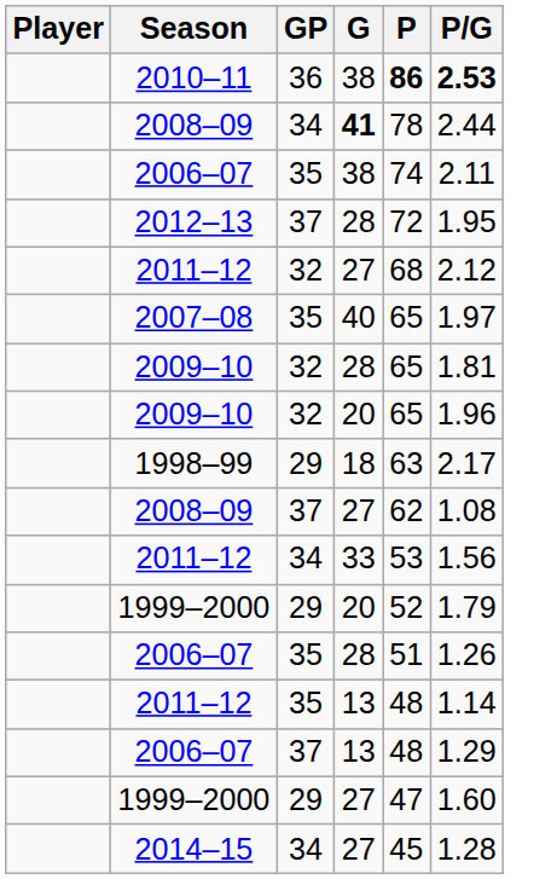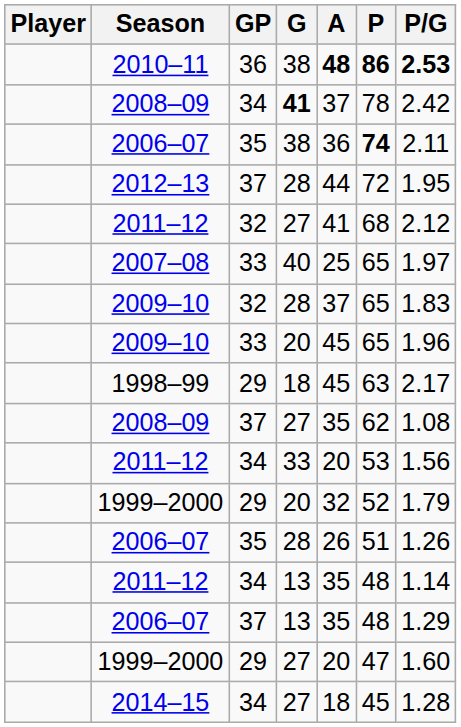 <table class="wikitable sortable" style="text-align:center;">
 <tr>
 <th>Player</th>
 <th>Season</th>
 <th>GP</th>
 <th>G</th>
+<th>A</th>
 <th>P</th>
 <th>P/G</th>
 </tr>
 <tr>
 <td align="left"></td>
 <td><a href='#'>2010–11</a></td>
 <td>36</td>
 <td>38</td>
+<td><strong>48</strong></td>
 <td><strong>86</strong></td>
 <td><strong>2.53</strong></td>
 </tr>
 <tr>
 <td align="left"></td>
 <td><a href='#'>2008–09</a></td>
 <td>34</td>
 <td><strong>41</strong></td>
+<td>37</td>
 <td>78</td>
-<td>2.44</td>
+<td>2.42</td>
 </tr>
 <tr>
 <td align="left"></td>
 <td><a href='#'>2006–07</a></td>
 <td>35</td>
 <td>38</td>
-<td>74</td>
+<td>36</td>
+<td><strong>74</strong></td>
 <td>2.11</td>
 </tr>
 <tr>
 <td align="left"></td>
 <td><a href='#'>2012–13</a></td>
 <td>37</td>
 <td>28</td>
+<td>44</td>
 <td>72</td>
 <td>1.95</td>
 </tr>
 <tr>
 <td align="left"></td>
 <td><a href='#'>2011–12</a></td>
 <td>32</td>
 <td>27</td>
+<td>41</td>
 <td>68</td>
 <td>2.12</td>
 </tr>
 <tr>
 <td align="left"></td>
 <td><a href='#'>2007–08</a></td>
-<td>35</td>
+<td>33</td>
 <td>40</td>
+<td>25</td>
 <td>65</td>
 <td>1.97</td>
 </tr>
 <tr>
 <td align="left"></td>
 <td><a href='#'>2009–10</a></td>
 <td>32</td>
 <td>28</td>
+<td>37</td>
 <td>65</td>
-<td>1.81</td>
+<td>1.83</td>
 </tr>
 <tr>
 <td align="left"></td>
 <td><a href='#'>2009–10</a></td>
-<td>32</td>
+<td>33</td>
 <td>20</td>
+<td>45</td>
 <td>65</td>
 <td>1.96</td>
 </tr>
 <tr>
 <td align="left"></td>
 <td>1998–99</td>
 <td>29</td>
 <td>18</td>
+<td>45</td>
 <td>63</td>
 <td>2.17</td>
 </tr>
 <tr>
 <td align="left"></td>
 <td><a href='#'>2008–09</a></td>
 <td>37</td>
 <td>27</td>
+<td>35</td>
 <td>62</td>
 <td>1.08</td>
 </tr>
 <tr>
 <td align="left"></td>
 <td><a href='#'>2011–12</a></td>
 <td>34</td>
 <td>33</td>
+<td>20</td>
 <td>53</td>
 <td>1.56</td>
 </tr>
 <tr>
 <td align="left"></td>
 <td>1999–2000</td>
 <td>29</td>
 <td>20</td>
+<td>32</td>
 <td>52</td>
 <td>1.79</td>
 </tr>
 <tr>
 <td align="left"></td>
 <td><a href='#'>2006–07</a></td>
 <td>35</td>
 <td>28</td>
+<td>26</td>
 <td>51</td>
 <td>1.26</td>
 </tr>
 <tr>
 <td align="left"></td>
 <td><a href='#'>2011–12</a></td>
+<td>34</td>
+<td>13</td>
 <td>35</td>
-<td>13</td>
 <td>48</td>
 <td>1.14</td>
 </tr>
 <tr>
 <td align="left"></td>
 <td><a href='#'>2006–07</a></td>
 <td>37</td>
 <td>13</td>
+<td>35</td>
 <td>48</td>
 <td>1.29</td>
 </tr>
 <tr>
 <td align="left"></td>
 <td>1999–2000</td>
 <td>29</td>
 <td>27</td>
+<td>20</td>
 <td>47</td>
 <td>1.60</td>
 </tr>
 <tr>
 <td align="left"></td>
 <td><a href='#'>2014–15</a></td>
 <td>34</td>
 <td>27</td>
+<td>18</td>
 <td>45</td>
 <td>1.28</td>
 </tr>
 </table>
